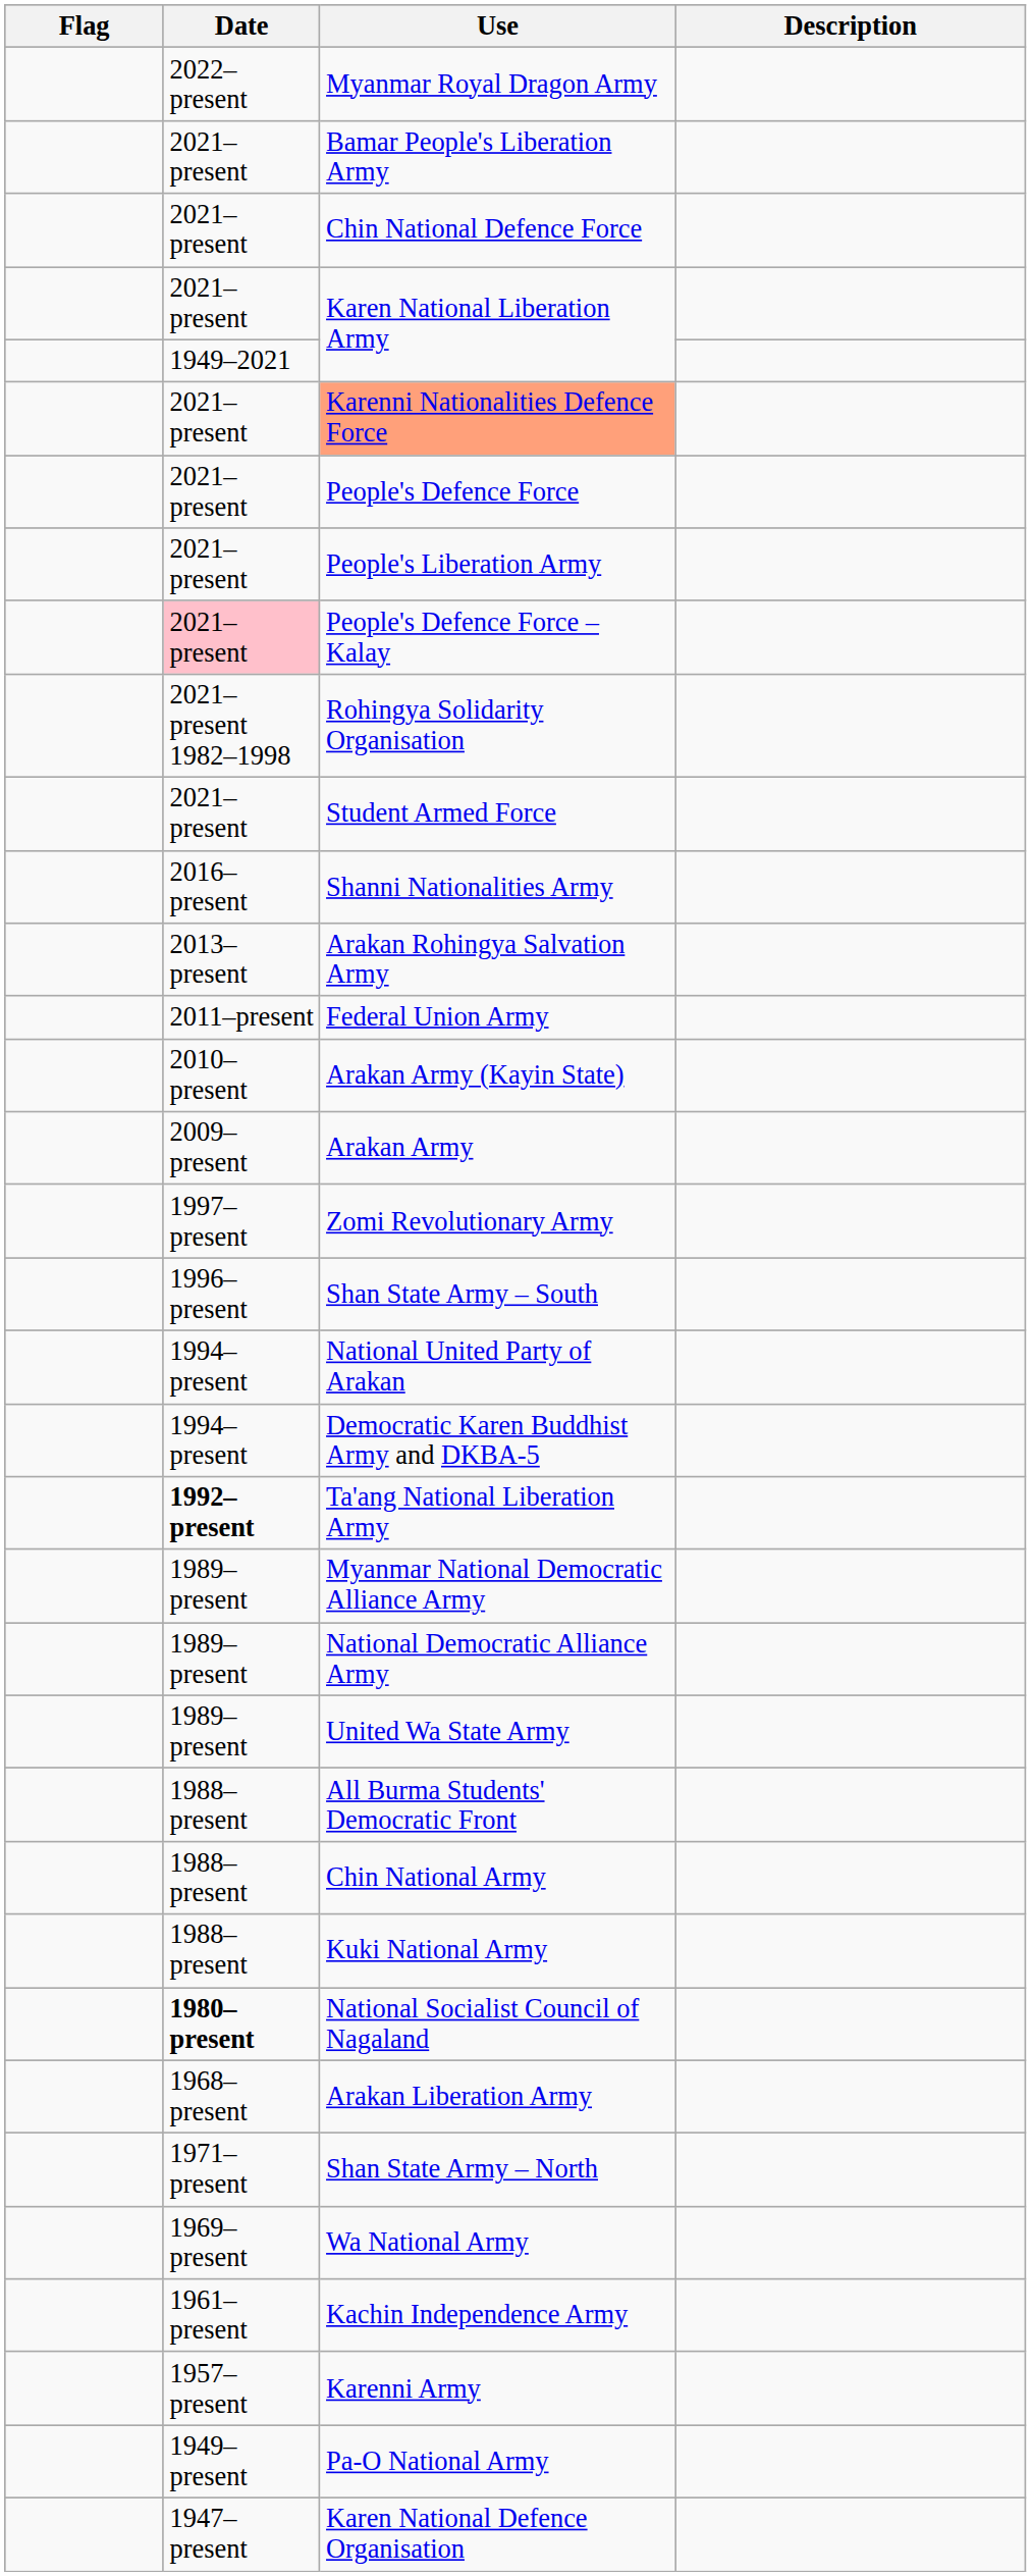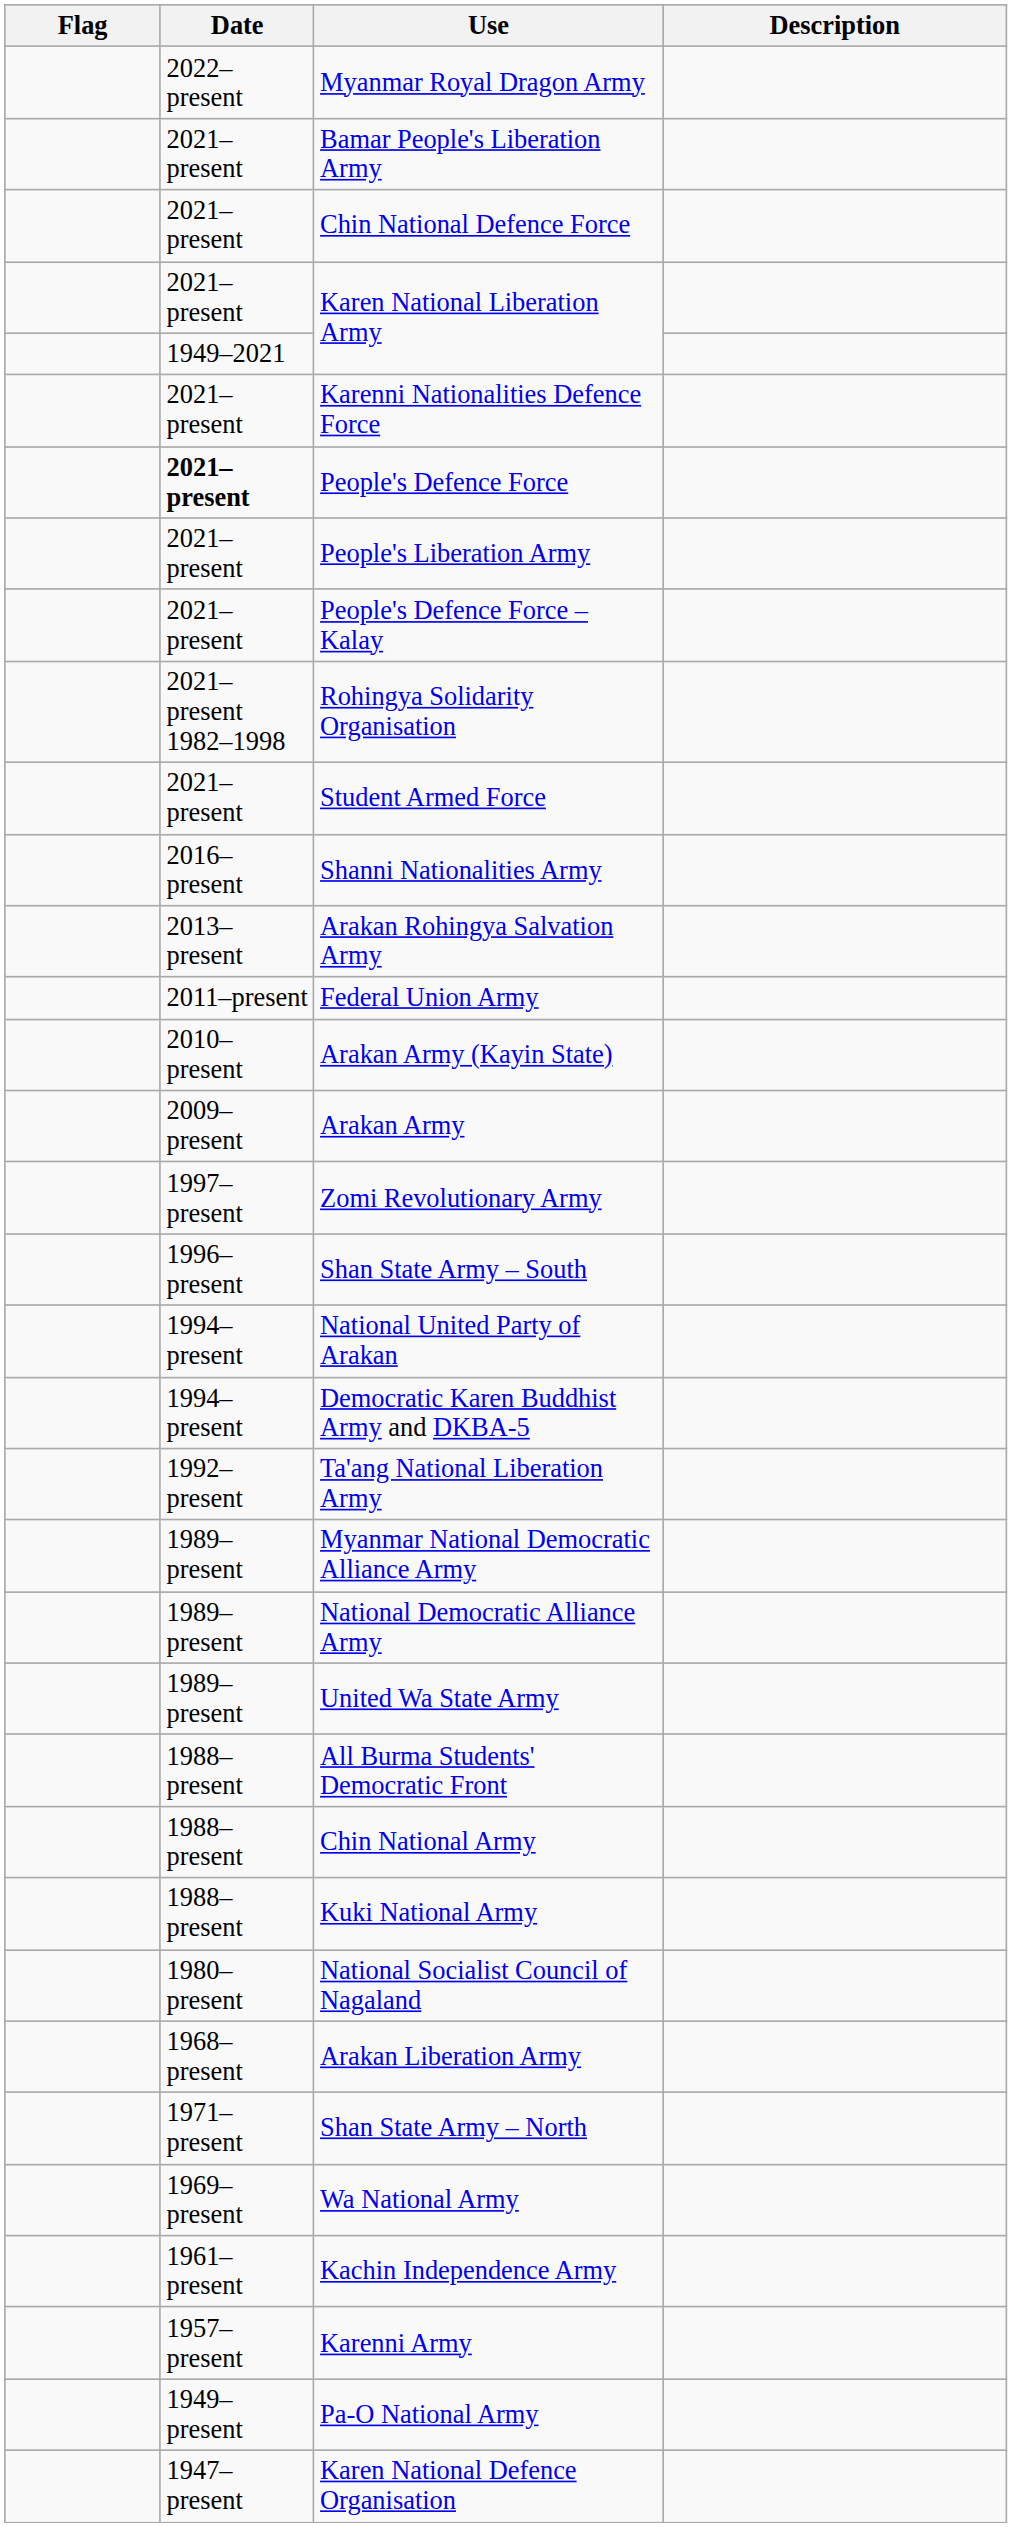 <table class="wikitable">
 <tr>
 <th width="110">Flag</th>
 <th width="100">Date</th>
 <th width="250">Use</th>
 <th width="250">Description</th>
 </tr>
 <tr>
 <td></td>
 <td>2022–present</td>
 <td><a href='#'>Myanmar Royal Dragon Army</a></td>
 <td></td>
 </tr>
 <tr>
 <td></td>
 <td>2021–present</td>
 <td><a href='#'>Bamar People's Liberation Army</a></td>
 <td></td>
 </tr>
 <tr>
 <td></td>
 <td>2021–present</td>
 <td><a href='#'>Chin National Defence Force</a></td>
 <td></td>
 </tr>
 <tr>
 <td></td>
 <td>2021–present</td>
 <td rowspan="2"><a href='#'>Karen National Liberation Army</a></td>
 <td></td>
 </tr>
 <tr>
 <td></td>
 <td>1949–2021</td>
 <td></td>
 </tr>
 <tr>
 <td></td>
 <td>2021–present</td>
-<td style="background: lightsalmon;"><a href='#'>Karenni Nationalities Defence Force</a></td>
+<td><a href='#'>Karenni Nationalities Defence Force</a></td>
 <td></td>
 </tr>
 <tr>
 <td></td>
-<td>2021–present</td>
+<td><strong>2021–present</strong></td>
 <td><a href='#'>People's Defence Force</a></td>
 <td></td>
 </tr>
 <tr>
 <td></td>
 <td>2021–present</td>
 <td><a href='#'>People's Liberation Army</a></td>
 <td></td>
 </tr>
 <tr>
 <td></td>
-<td style="background: pink;">2021–present</td>
+<td>2021–present</td>
 <td><a href='#'>People's Defence Force – Kalay</a></td>
 <td></td>
 </tr>
 <tr>
 <td><br></td>
 <td>2021–present<br>1982–1998</td>
 <td><a href='#'>Rohingya Solidarity Organisation</a></td>
 <td></td>
 </tr>
 <tr>
 <td></td>
 <td>2021–present</td>
 <td><a href='#'>Student Armed Force</a></td>
 <td></td>
 </tr>
 <tr>
 <td></td>
 <td>2016–present</td>
 <td><a href='#'>Shanni Nationalities Army</a></td>
 <td></td>
 </tr>
 <tr>
 <td></td>
 <td>2013–present</td>
 <td><a href='#'>Arakan Rohingya Salvation Army</a></td>
 <td></td>
 </tr>
 <tr>
 <td></td>
 <td>2011–present</td>
 <td><a href='#'>Federal Union Army</a></td>
 <td></td>
 </tr>
 <tr>
 <td></td>
 <td>2010–present</td>
 <td><a href='#'>Arakan Army (Kayin State)</a></td>
 <td></td>
 </tr>
 <tr>
 <td></td>
 <td>2009–present</td>
 <td><a href='#'>Arakan Army</a></td>
 <td></td>
 </tr>
 <tr>
 <td></td>
 <td>1997–present</td>
 <td><a href='#'>Zomi Revolutionary Army</a></td>
 <td></td>
 </tr>
 <tr>
 <td></td>
 <td>1996–present</td>
 <td><a href='#'>Shan State Army – South</a></td>
 <td></td>
 </tr>
 <tr>
 <td></td>
 <td>1994–present</td>
 <td><a href='#'>National United Party of Arakan</a></td>
 <td></td>
 </tr>
 <tr>
 <td></td>
 <td>1994–present</td>
 <td><a href='#'>Democratic Karen Buddhist Army</a> and <a href='#'>DKBA-5</a></td>
 <td></td>
 </tr>
 <tr>
 <td></td>
-<td><strong>1992–present</strong></td>
+<td>1992–present</td>
 <td><a href='#'>Ta'ang National Liberation Army</a></td>
 <td></td>
 </tr>
 <tr>
 <td></td>
 <td>1989–present</td>
 <td><a href='#'>Myanmar National Democratic Alliance Army</a></td>
 <td></td>
 </tr>
 <tr>
 <td></td>
 <td>1989–present</td>
 <td><a href='#'>National Democratic Alliance Army</a></td>
 <td></td>
 </tr>
 <tr>
 <td></td>
 <td>1989–present</td>
 <td><a href='#'>United Wa State Army</a></td>
 <td></td>
 </tr>
 <tr>
 <td></td>
 <td>1988–present</td>
 <td><a href='#'>All Burma Students' Democratic Front</a></td>
 <td></td>
 </tr>
 <tr>
 <td></td>
 <td>1988–present</td>
 <td><a href='#'>Chin National Army</a></td>
 <td></td>
 </tr>
 <tr>
 <td></td>
 <td>1988–present</td>
 <td><a href='#'>Kuki National Army</a></td>
 <td></td>
 </tr>
 <tr>
 <td></td>
-<td><strong>1980–present</strong></td>
+<td>1980–present</td>
 <td><a href='#'>National Socialist Council of Nagaland</a></td>
 <td></td>
 </tr>
 <tr>
 <td></td>
 <td>1968–present</td>
 <td><a href='#'>Arakan Liberation Army</a></td>
 <td></td>
 </tr>
 <tr>
 <td></td>
 <td>1971–present</td>
 <td><a href='#'>Shan State Army – North</a></td>
 <td></td>
 </tr>
 <tr>
 <td></td>
 <td>1969–present</td>
 <td><a href='#'>Wa National Army</a></td>
 <td></td>
 </tr>
 <tr>
 <td></td>
 <td>1961–present</td>
 <td><a href='#'>Kachin Independence Army</a></td>
 <td></td>
 </tr>
 <tr>
 <td></td>
 <td>1957–present</td>
 <td><a href='#'>Karenni Army</a></td>
 <td></td>
 </tr>
 <tr>
 <td></td>
 <td>1949–present</td>
 <td><a href='#'>Pa-O National Army</a></td>
 <td></td>
 </tr>
 <tr>
 <td></td>
 <td>1947–present</td>
 <td><a href='#'>Karen National Defence Organisation</a></td>
 <td></td>
 </tr>
 </table>
